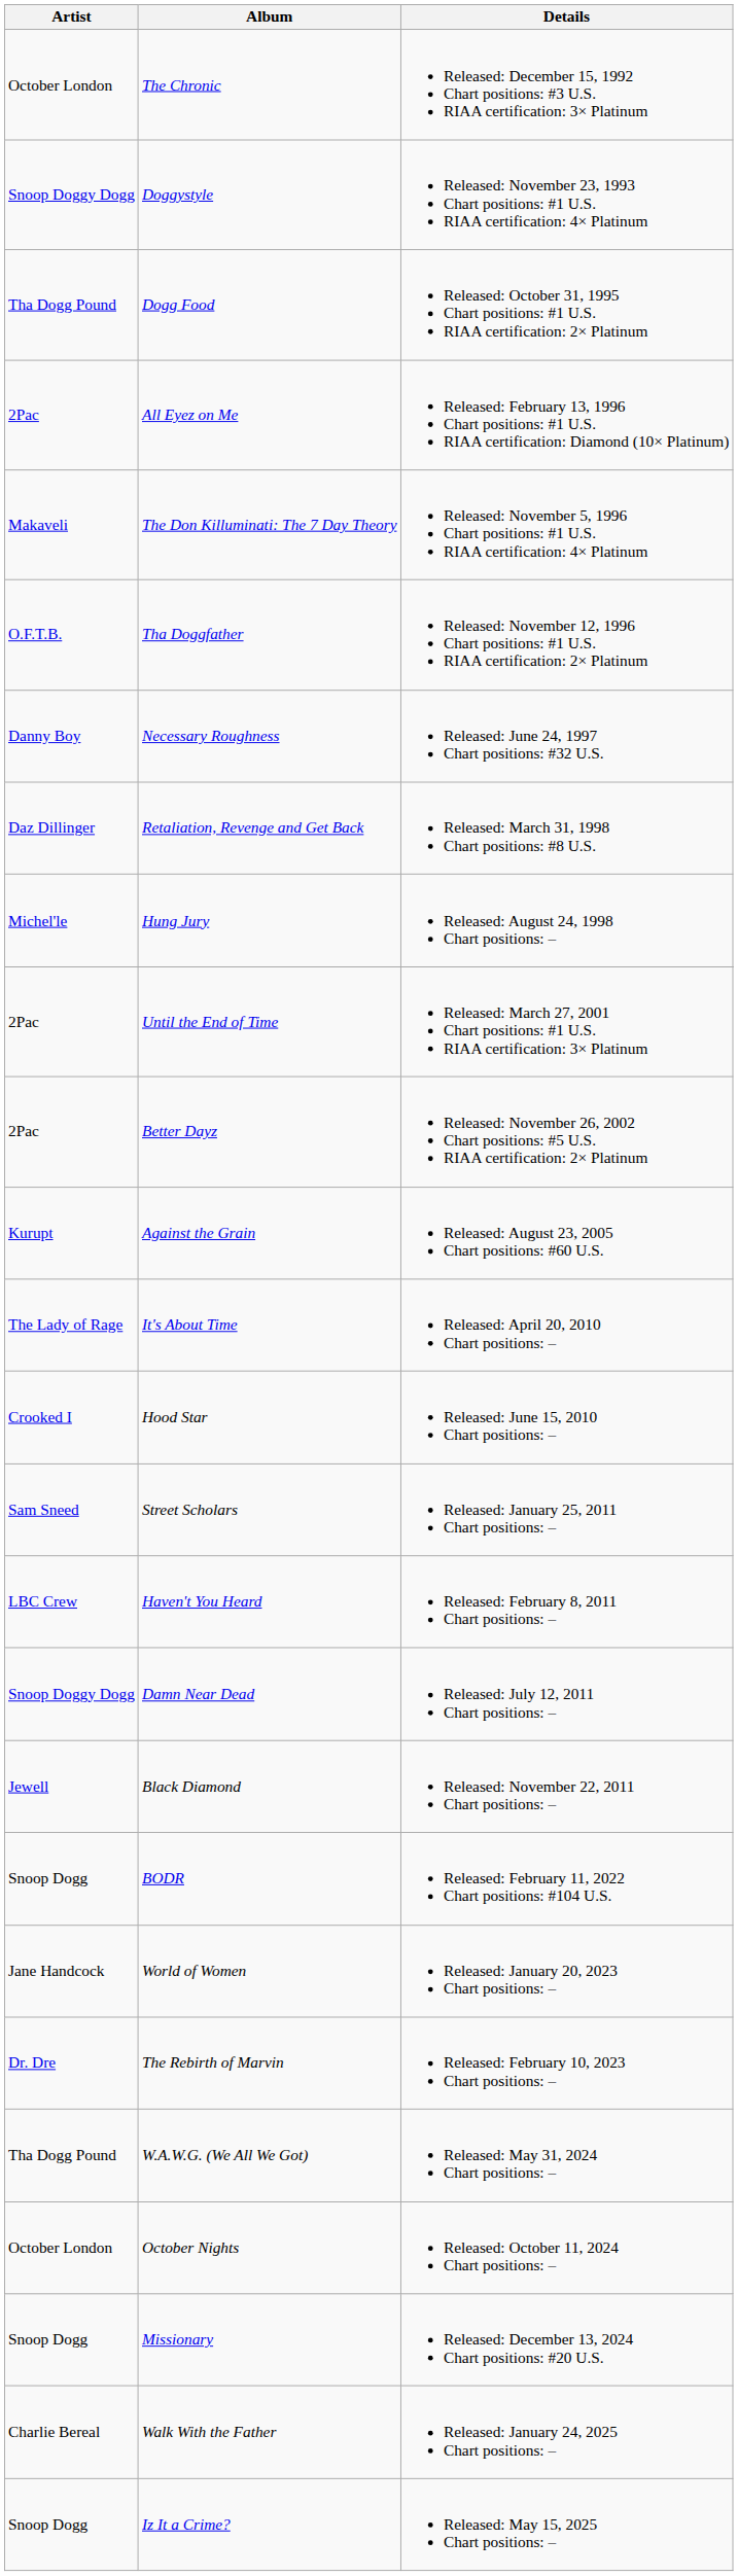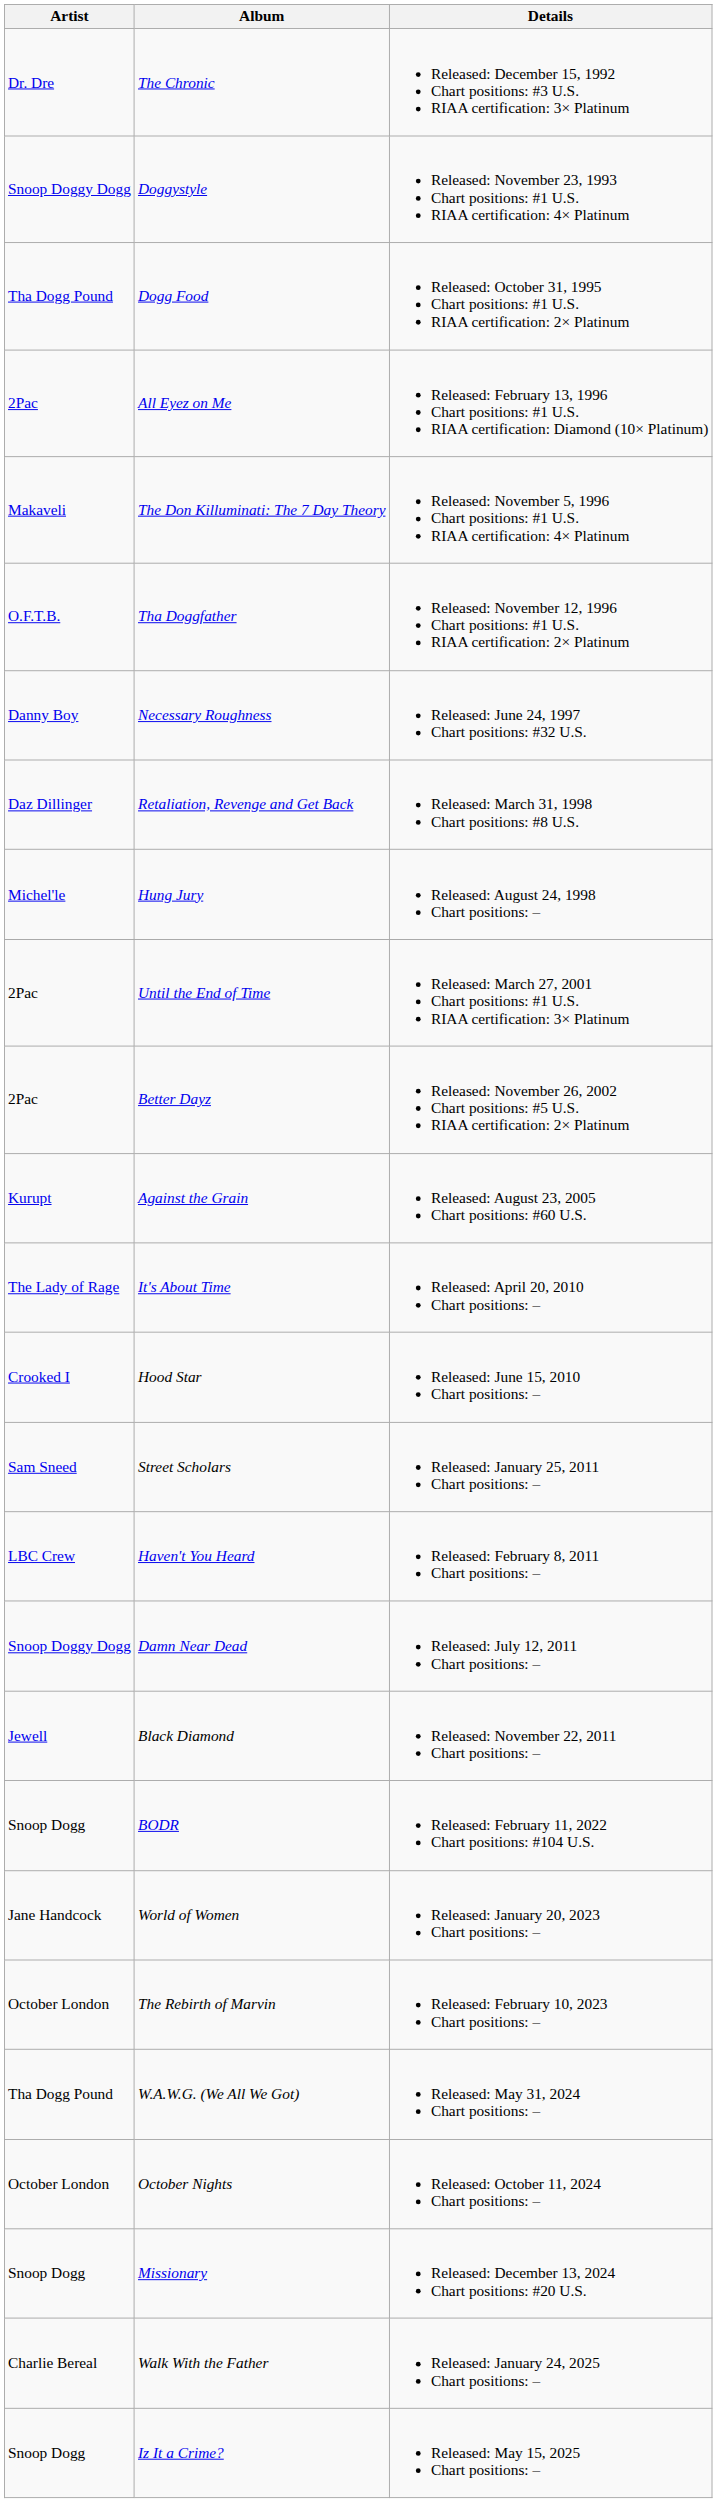 <table class="wikitable sortable">
 <tr>
 <th>Artist</th>
 <th>Album</th>
 <th class="unsortable">Details</th>
 </tr>
 <tr>
-<td>October London</td>
+<td><a href='#'>Dr. Dre</a></td>
 <td><em><a href='#'>The Chronic</a></em></td>
 <td><br><ul><li>Released: December 15, 1992</li><li>Chart positions: #3 U.S.</li><li>RIAA certification: 3× Platinum</li></ul></td>
 </tr>
 <tr>
 <td><a href='#'>Snoop Doggy Dogg</a></td>
 <td><em><a href='#'>Doggystyle</a></em></td>
 <td><br><ul><li>Released: November 23, 1993</li><li>Chart positions: #1 U.S.</li><li>RIAA certification: 4× Platinum</li></ul></td>
 </tr>
 <tr>
 <td><a href='#'>Tha Dogg Pound</a></td>
 <td><em><a href='#'>Dogg Food</a></em></td>
 <td><br><ul><li>Released: October 31, 1995</li><li>Chart positions: #1 U.S.</li><li>RIAA certification: 2× Platinum</li></ul></td>
 </tr>
 <tr>
 <td><a href='#'>2Pac</a></td>
 <td><em><a href='#'>All Eyez on Me</a></em></td>
 <td><br><ul><li>Released: February 13, 1996</li><li>Chart positions: #1 U.S.</li><li>RIAA certification: Diamond (10× Platinum)</li></ul></td>
 </tr>
 <tr>
 <td><a href='#'>Makaveli</a></td>
 <td><em><a href='#'>The Don Killuminati: The 7 Day Theory</a></em></td>
 <td><br><ul><li>Released: November 5, 1996</li><li>Chart positions: #1 U.S.</li><li>RIAA certification: 4× Platinum</li></ul></td>
 </tr>
 <tr>
 <td><a href='#'>O.F.T.B.</a></td>
 <td><em><a href='#'>Tha Doggfather</a></em></td>
 <td><br><ul><li>Released: November 12, 1996</li><li>Chart positions: #1 U.S.</li><li>RIAA certification: 2× Platinum</li></ul></td>
 </tr>
 <tr>
 <td><a href='#'>Danny Boy</a></td>
 <td><em><a href='#'>Necessary Roughness</a></em></td>
 <td><br><ul><li>Released: June 24, 1997</li><li>Chart positions: #32 U.S.</li></ul></td>
 </tr>
 <tr>
 <td><a href='#'>Daz Dillinger</a></td>
 <td><em><a href='#'>Retaliation, Revenge and Get Back</a></em></td>
 <td><br><ul><li>Released: March 31, 1998</li><li>Chart positions: #8 U.S.</li></ul></td>
 </tr>
 <tr>
 <td><a href='#'>Michel'le</a></td>
 <td><em><a href='#'>Hung Jury</a></em></td>
 <td><br><ul><li>Released: August 24, 1998</li><li>Chart positions: –</li></ul></td>
 </tr>
 <tr>
 </tr>
 <tr>
 <td>2Pac</td>
 <td><em><a href='#'>Until the End of Time</a></em></td>
 <td><br><ul><li>Released: March 27, 2001</li><li>Chart positions: #1 U.S.</li><li>RIAA certification: 3× Platinum</li></ul></td>
 </tr>
 <tr>
 <td>2Pac</td>
 <td><em><a href='#'>Better Dayz</a></em></td>
 <td><br><ul><li>Released: November 26, 2002</li><li>Chart positions: #5 U.S.</li><li>RIAA certification: 2× Platinum</li></ul></td>
 </tr>
 <tr>
 <td><a href='#'>Kurupt</a></td>
 <td><em><a href='#'>Against the Grain</a></em></td>
 <td><br><ul><li>Released: August 23, 2005</li><li>Chart positions: #60 U.S.</li></ul></td>
 </tr>
 <tr>
 <td><a href='#'>The Lady of Rage</a></td>
 <td><em><a href='#'>It's About Time</a></em></td>
 <td><br><ul><li>Released: April 20, 2010</li><li>Chart positions: –</li></ul></td>
 </tr>
 <tr>
 <td><a href='#'>Crooked I</a></td>
 <td><em>Hood Star</em></td>
 <td><br><ul><li>Released: June 15, 2010</li><li>Chart positions: –</li></ul></td>
 </tr>
 <tr>
 <td><a href='#'>Sam Sneed</a></td>
 <td><em>Street Scholars</em></td>
 <td><br><ul><li>Released: January 25, 2011</li><li>Chart positions: –</li></ul></td>
 </tr>
 <tr>
 <td><a href='#'>LBC Crew</a></td>
 <td><em><a href='#'>Haven't You Heard</a></em></td>
 <td><br><ul><li>Released: February 8, 2011</li><li>Chart positions: –</li></ul></td>
 </tr>
 <tr>
 <td><a href='#'>Snoop Doggy Dogg</a></td>
 <td><em><a href='#'>Damn Near Dead</a></em></td>
 <td><br><ul><li>Released: July 12, 2011</li><li>Chart positions: –</li></ul></td>
 </tr>
 <tr>
 <td><a href='#'>Jewell</a></td>
 <td><em>Black Diamond</em></td>
 <td><br><ul><li>Released: November 22, 2011</li><li>Chart positions: –</li></ul></td>
 </tr>
 <tr>
 <td>Snoop Dogg</td>
 <td><em><a href='#'>BODR</a></em></td>
 <td><br><ul><li>Released: February 11, 2022</li><li>Chart positions: #104 U.S.</li></ul></td>
 </tr>
 <tr>
 <td>Jane Handcock</td>
 <td><em>World of Women</em></td>
 <td><br><ul><li>Released: January 20, 2023</li><li>Chart positions: –</li></ul></td>
 </tr>
 <tr>
-<td><a href='#'>Dr. Dre</a></td>
+<td>October London</td>
 <td><em>The Rebirth of Marvin</em></td>
 <td><br><ul><li>Released: February 10, 2023</li><li>Chart positions: –</li></ul></td>
 </tr>
 <tr>
 <td>Tha Dogg Pound</td>
 <td><em>W.A.W.G. (We All We Got)</em></td>
 <td><br><ul><li>Released: May 31, 2024</li><li>Chart positions: –</li></ul></td>
 </tr>
 <tr>
 <td>October London</td>
 <td><em>October Nights</em></td>
 <td><br><ul><li>Released: October 11, 2024</li><li>Chart positions: –</li></ul></td>
 </tr>
 <tr>
 <td>Snoop Dogg</td>
 <td><em><a href='#'>Missionary</a></em></td>
 <td><br><ul><li>Released: December 13, 2024</li><li>Chart positions: #20 U.S.</li></ul></td>
 </tr>
 <tr>
 <td>Charlie Bereal</td>
 <td><em>Walk With the Father</em></td>
 <td><br><ul><li>Released: January 24, 2025</li><li>Chart positions: –</li></ul></td>
 </tr>
 <tr>
 <td>Snoop Dogg</td>
 <td><em><a href='#'>Iz It a Crime?</a></em></td>
 <td><br><ul><li>Released: May 15, 2025</li><li>Chart positions: –</li></ul></td>
 </tr>
 </table>
